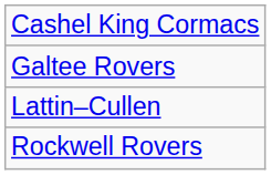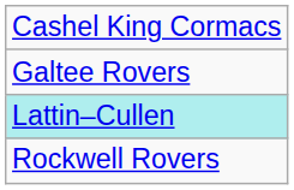 <table class="wikitable">
 <tr>
 <td><a href='#'>Cashel King Cormacs</a></td>
 </tr>
 <tr>
 <td><a href='#'>Galtee Rovers</a></td>
 </tr>
 <tr>
-<td><a href='#'>Lattin–Cullen</a></td>
+<td style="background: paleturquoise;"><a href='#'>Lattin–Cullen</a></td>
 </tr>
 <tr>
 <td><a href='#'>Rockwell Rovers</a></td>
 </tr>
 </table>
